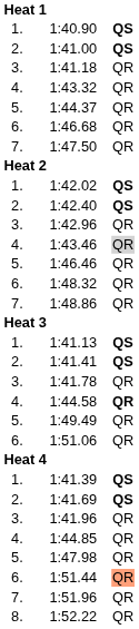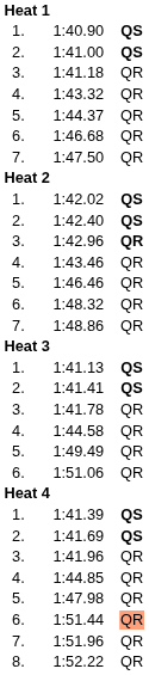 <table style="text-align:center">
 <tr>
 <td colspan=4 align=left><strong>Heat 1</strong></td>
 </tr>
 <tr>
 <td width=30>1.</td>
 <td align=left></td>
 <td width=80>1:40.90</td>
 <td><strong>QS</strong></td>
 </tr>
 <tr>
 <td>2.</td>
 <td align=left></td>
 <td>1:41.00</td>
 <td><strong>QS</strong></td>
 </tr>
 <tr>
 <td>3.</td>
 <td align=left></td>
 <td>1:41.18</td>
 <td>QR</td>
 </tr>
 <tr>
 <td>4.</td>
 <td align=left></td>
 <td>1:43.32</td>
 <td>QR</td>
 </tr>
 <tr>
 <td>5.</td>
 <td align=left></td>
 <td>1:44.37</td>
 <td>QR</td>
 </tr>
 <tr>
 <td>6.</td>
 <td align=left></td>
 <td>1:46.68</td>
 <td>QR</td>
 </tr>
 <tr>
 <td>7.</td>
 <td align=left></td>
 <td>1:47.50</td>
 <td>QR</td>
 </tr>
 <tr>
 <td colspan=4 align=left><strong>Heat 2</strong></td>
 </tr>
 <tr>
 <td>1.</td>
 <td align=left></td>
 <td>1:42.02</td>
 <td><strong>QS</strong></td>
 </tr>
 <tr>
 <td>2.</td>
 <td align=left></td>
 <td>1:42.40</td>
 <td><strong>QS</strong></td>
 </tr>
 <tr>
 <td>3.</td>
 <td align=left></td>
 <td>1:42.96</td>
-<td>QR</td>
+<td><strong>QR</strong></td>
 </tr>
 <tr>
 <td>4.</td>
 <td align=left></td>
 <td>1:43.46</td>
-<td style="background: lightgrey;">QR</td>
+<td>QR</td>
 </tr>
 <tr>
 <td>5.</td>
 <td align=left></td>
 <td>1:46.46</td>
 <td>QR</td>
 </tr>
 <tr>
 <td>6.</td>
 <td align=left></td>
 <td>1:48.32</td>
 <td>QR</td>
 </tr>
 <tr>
 <td>7.</td>
 <td align=left></td>
 <td>1:48.86</td>
 <td>QR</td>
 </tr>
 <tr>
 <td colspan=4 align=left><strong>Heat 3</strong></td>
 </tr>
 <tr>
 <td>1.</td>
 <td align=left></td>
 <td>1:41.13</td>
 <td><strong>QS</strong></td>
 </tr>
 <tr>
 <td>2.</td>
 <td align=left></td>
 <td>1:41.41</td>
 <td><strong>QS</strong></td>
 </tr>
 <tr>
 <td>3.</td>
 <td align=left></td>
 <td>1:41.78</td>
 <td>QR</td>
 </tr>
 <tr>
 <td>4.</td>
 <td align=left></td>
 <td>1:44.58</td>
-<td><strong>QR</strong></td>
+<td>QR</td>
 </tr>
 <tr>
 <td>5.</td>
 <td align=left></td>
 <td>1:49.49</td>
 <td>QR</td>
 </tr>
 <tr>
 <td>6.</td>
 <td align=left></td>
 <td>1:51.06</td>
 <td>QR</td>
 </tr>
 <tr>
 <td colspan=4 align=left><strong>Heat 4</strong></td>
 </tr>
 <tr>
 <td>1.</td>
 <td align=left></td>
 <td>1:41.39</td>
 <td><strong>QS</strong></td>
 </tr>
 <tr>
 <td>2.</td>
 <td align=left></td>
 <td>1:41.69</td>
 <td><strong>QS</strong></td>
 </tr>
 <tr>
 <td>3.</td>
 <td align=left></td>
 <td>1:41.96</td>
 <td>QR</td>
 </tr>
 <tr>
 <td>4.</td>
 <td align=left></td>
 <td>1:44.85</td>
 <td>QR</td>
 </tr>
 <tr>
 <td>5.</td>
 <td align=left></td>
 <td>1:47.98</td>
 <td>QR</td>
 </tr>
 <tr>
 <td>6.</td>
 <td align=left></td>
 <td>1:51.44</td>
 <td style="background: lightsalmon;">QR</td>
 </tr>
 <tr>
 <td>7.</td>
 <td align=left></td>
 <td>1:51.96</td>
 <td>QR</td>
 </tr>
 <tr>
 <td>8.</td>
 <td align=left></td>
 <td>1:52.22</td>
 <td>QR</td>
 </tr>
 </table>
